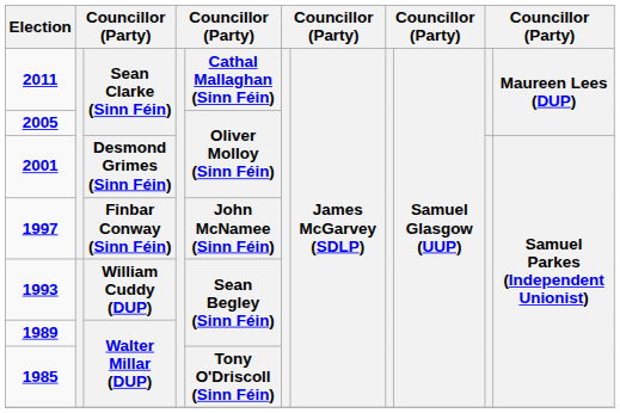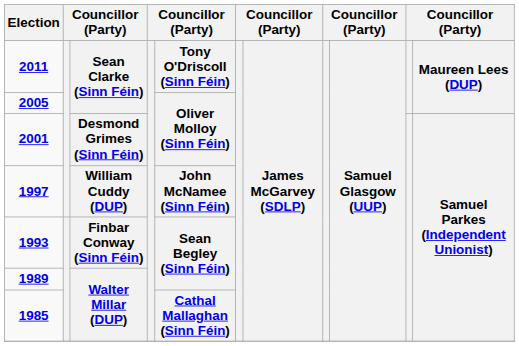 <table class="wikitable" style="text-align:center">
 <tr>
 <th scope="col" width="50">Election</th>
 <th scope="col" width="150" colspan = "2">Councillor<br> (Party)</th>
 <th scope="col" width="150" colspan = "2">Councillor<br> (Party)</th>
 <th scope="col" width="150" colspan = "2">Councillor<br> (Party)</th>
 <th scope="col" width="150" colspan = "2">Councillor<br> (Party)</th>
 <th scope="col" width="150" colspan = "2">Councillor<br> (Party)</th>
 </tr>
 <tr>
 <td><strong><a href='#'>2011</a></strong></td>
 <th rowspan="4" width="1" style="background-color: "></th>
 <th rowspan = "2">Sean Clarke <br> (<a href='#'>Sinn Féin</a>)</th>
 <th rowspan="7" width="1" style="background-color: "></th>
-<th rowspan = "1"><a href='#'>Cathal Mallaghan</a> <br> (<a href='#'>Sinn Féin</a>)</th>
+<th rowspan = "1">Tony O'Driscoll <br> (<a href='#'>Sinn Féin</a>)</th>
 <th rowspan="7" width="1" style="background-color: "></th>
 <th rowspan = "7">James McGarvey <br> (<a href='#'>SDLP</a>)</th>
 <th rowspan="7" width="1" style="background-color: "></th>
 <th rowspan = "7">Samuel Glasgow <br> (<a href='#'>UUP</a>)</th>
 <th rowspan="2" width="1" style="background-color: "></th>
 <th rowspan = "2">Maureen Lees <br> (<a href='#'>DUP</a>)</th>
 </tr>
 <tr>
 <td><strong><a href='#'>2005</a></strong></td>
 <th rowspan = "2">Oliver Molloy <br> (<a href='#'>Sinn Féin</a>)</th>
 </tr>
 <tr>
 <td><strong><a href='#'>2001</a></strong></td>
 <th rowspan = "1">Desmond Grimes <br> (<a href='#'>Sinn Féin</a>)</th>
 <th rowspan="5" width="1" style="background-color: "></th>
 <th rowspan = "5">Samuel Parkes <br> (<a href='#'>Independent Unionist</a>)</th>
 </tr>
 <tr>
 <td><strong><a href='#'>1997</a></strong></td>
-<th rowspan = "1">Finbar Conway <br> (<a href='#'>Sinn Féin</a>)</th>
+<th rowspan = "1">William Cuddy <br> (<a href='#'>DUP</a>)</th>
 <th rowspan = "1">John McNamee <br> (<a href='#'>Sinn Féin</a>)</th>
 </tr>
 <tr>
 <td><strong><a href='#'>1993</a></strong></td>
 <th rowspan="3" width="1" style="background-color: "></th>
-<th rowspan = "1">William Cuddy <br> (<a href='#'>DUP</a>)</th>
+<th rowspan = "1">Finbar Conway <br> (<a href='#'>Sinn Féin</a>)</th>
 <th rowspan = "2">Sean Begley <br> (<a href='#'>Sinn Féin</a>)</th>
 </tr>
 <tr>
 <td><strong><a href='#'>1989</a></strong></td>
 <th rowspan = "2"><a href='#'>Walter Millar</a> <br> (<a href='#'>DUP</a>)</th>
 </tr>
 <tr>
 <td><strong><a href='#'>1985</a></strong></td>
-<th rowspan = "1">Tony O'Driscoll <br> (<a href='#'>Sinn Féin</a>)</th>
+<th rowspan = "1"><a href='#'>Cathal Mallaghan</a> <br> (<a href='#'>Sinn Féin</a>)</th>
 </tr>
 <tr>
 </tr>
 </table>
